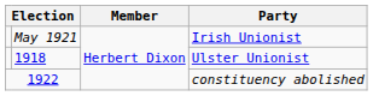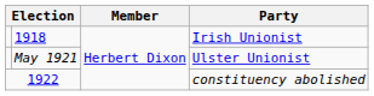 <table class="wikitable">
 <tr>
 <th colspan="2">Election</th>
 <th>Member</th>
 <th>Party</th>
 </tr>
 <tr>
 <td style="color:inherit;background-color: "></td>
-<td><em>May 1921</em></td>
+<td><a href='#'>1918</a></td>
 <td rowspan="3"><a href='#'>Herbert Dixon</a></td>
 <td><a href='#'>Irish Unionist</a></td>
 </tr>
 <tr>
 <td style="color:inherit;background-color: "></td>
-<td><a href='#'>1918</a></td>
+<td><em>May 1921</em></td>
 <td><a href='#'>Ulster Unionist</a></td>
 </tr>
 <tr>
 <td colspan="2" align="center"><a href='#'>1922</a></td>
 <td colspan="2"><em>constituency abolished</em></td>
 </tr>
 </table>
